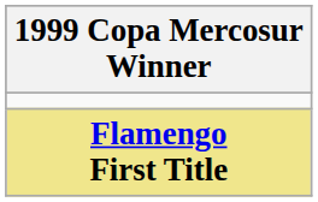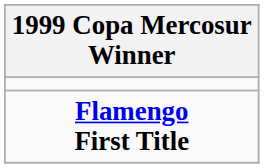 <table class="wikitable" style="text-align: center; margin: 0 auto;">
 <tr>
 <th>1999 Copa Mercosur<br>Winner</th>
 </tr>
 <tr>
 <td></td>
 </tr>
 <tr>
-<td style="background: khaki;"><strong><a href='#'>Flamengo</a></strong><br><strong>First Title</strong></td>
+<td><strong><a href='#'>Flamengo</a></strong><br><strong>First Title</strong></td>
 </tr>
 </table>
